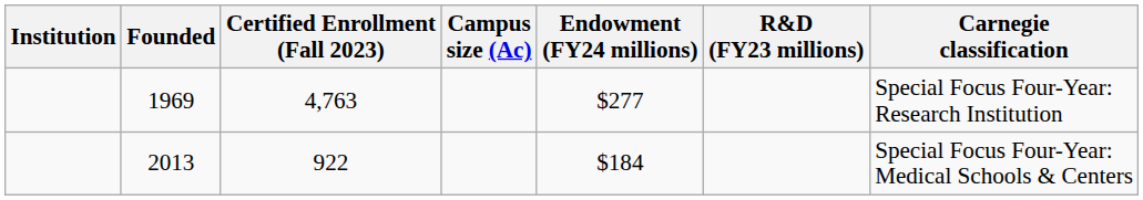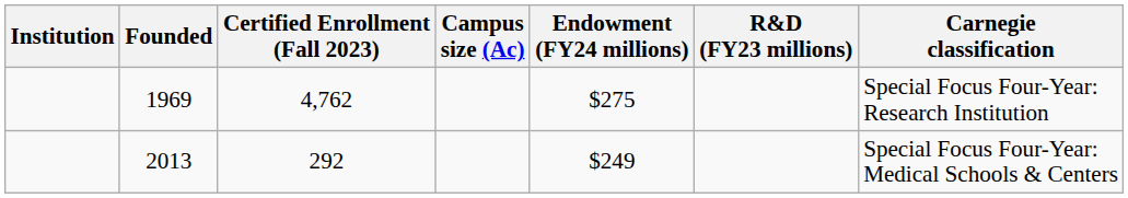 <table class="wikitable sortable plainrowheaders" style="border:2px solid # ">
 <tr>
 <th scope="col">Institution</th>
 <th scope="col">Founded</th>
 <th scope="col">Certified Enrollment<br>(Fall 2023)</th>
 <th scope="col">Campus<br>size <a href='#'>(Ac)</a></th>
 <th scope="col">Endowment<br>(FY24 millions)</th>
 <th scope="col">R&D<br>(FY23 millions)</th>
 <th scope="col">Carnegie<br>classification</th>
 </tr>
 <tr>
 <td></td>
 <td align="center">1969</td>
-<td align="center">4,763</td>
+<td align="center">4,762</td>
 <td></td>
-<td align="center">$277</td>
+<td align="center">$275</td>
 <td></td>
 <td>Special Focus Four-Year:<br>Research Institution</td>
 </tr>
 <tr>
 <td></td>
 <td align="center">2013</td>
-<td align="center">922</td>
+<td align="center">292</td>
 <td></td>
-<td align="center">$184</td>
+<td align="center">$249</td>
 <td></td>
 <td>Special Focus Four-Year:<br>Medical Schools & Centers</td>
 </tr>
 </table>
